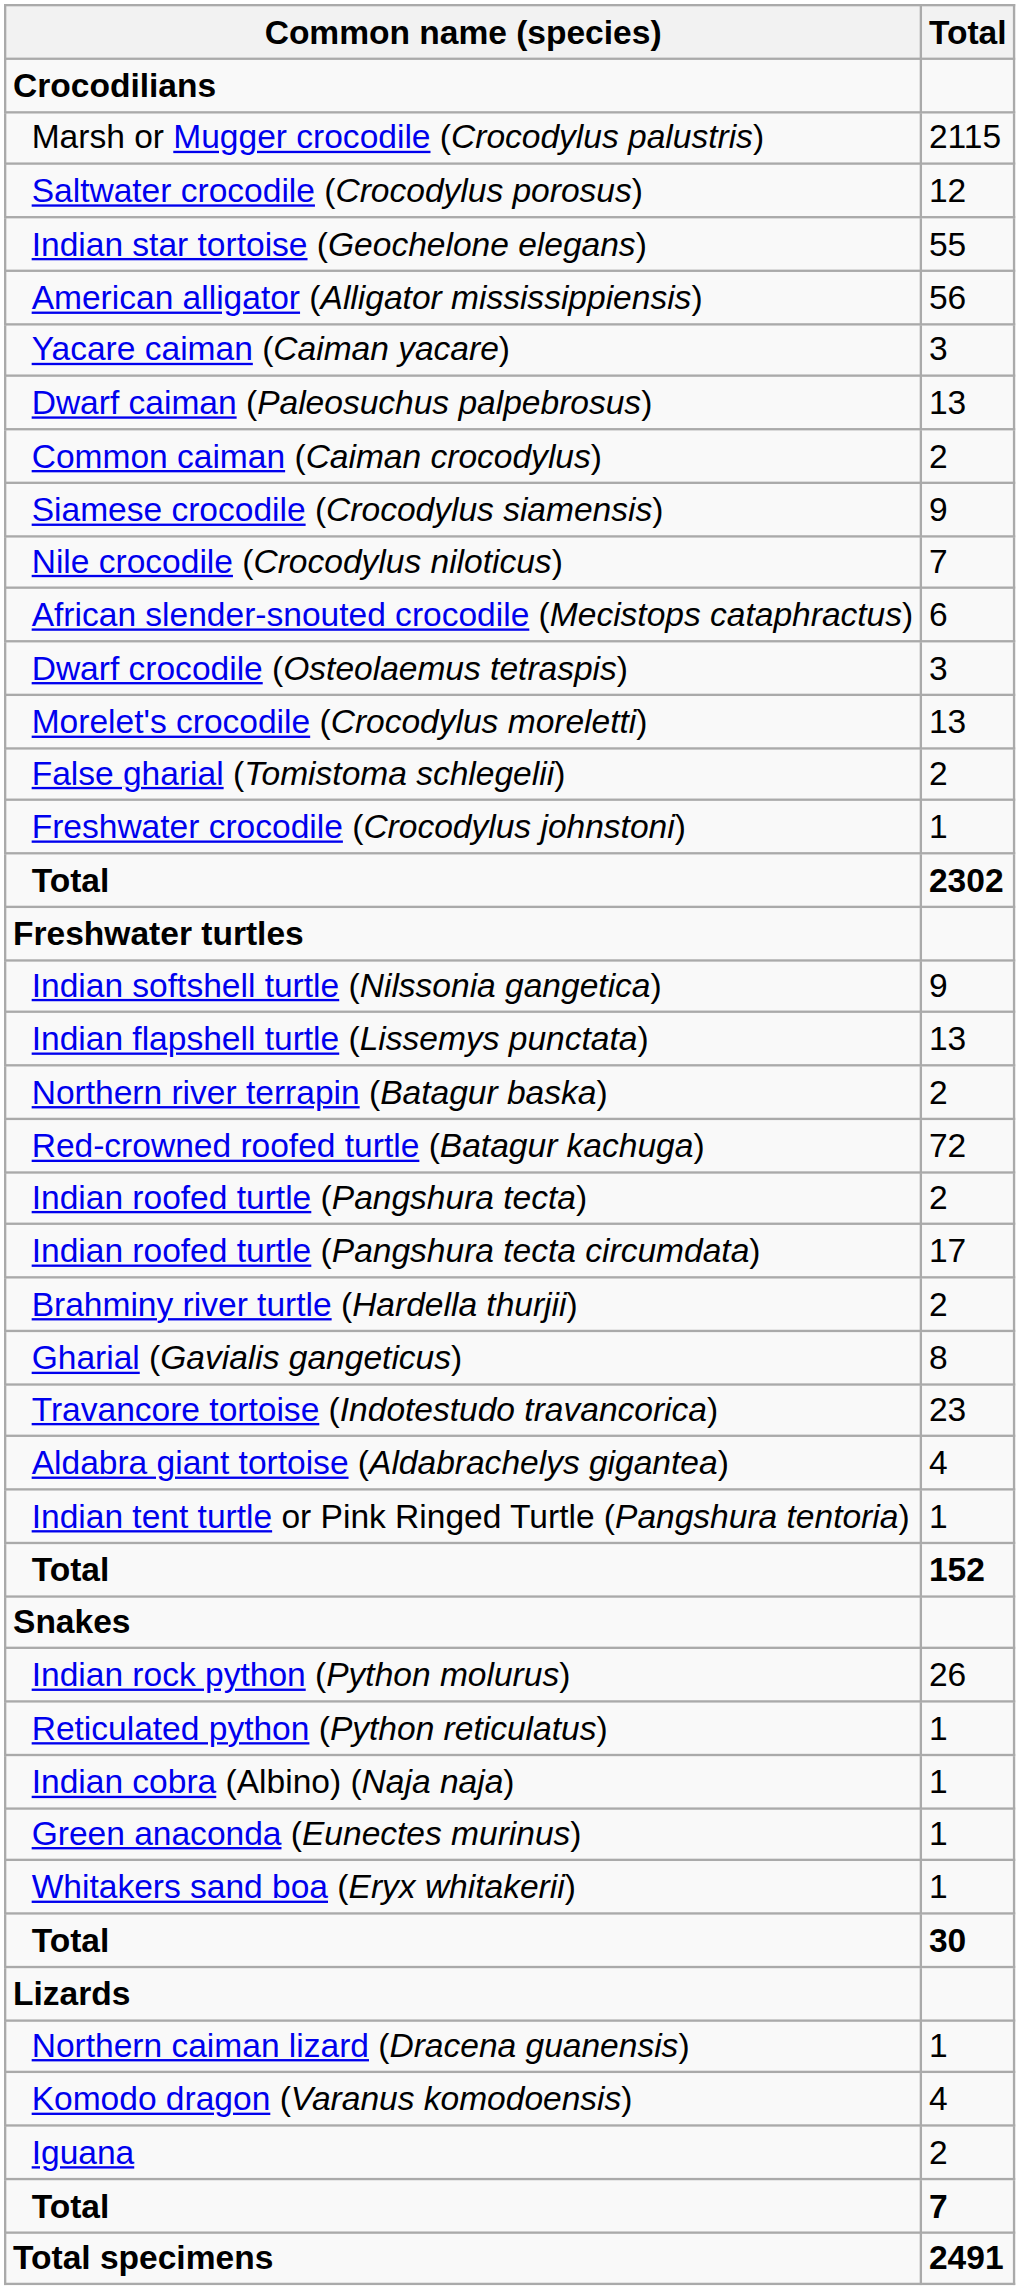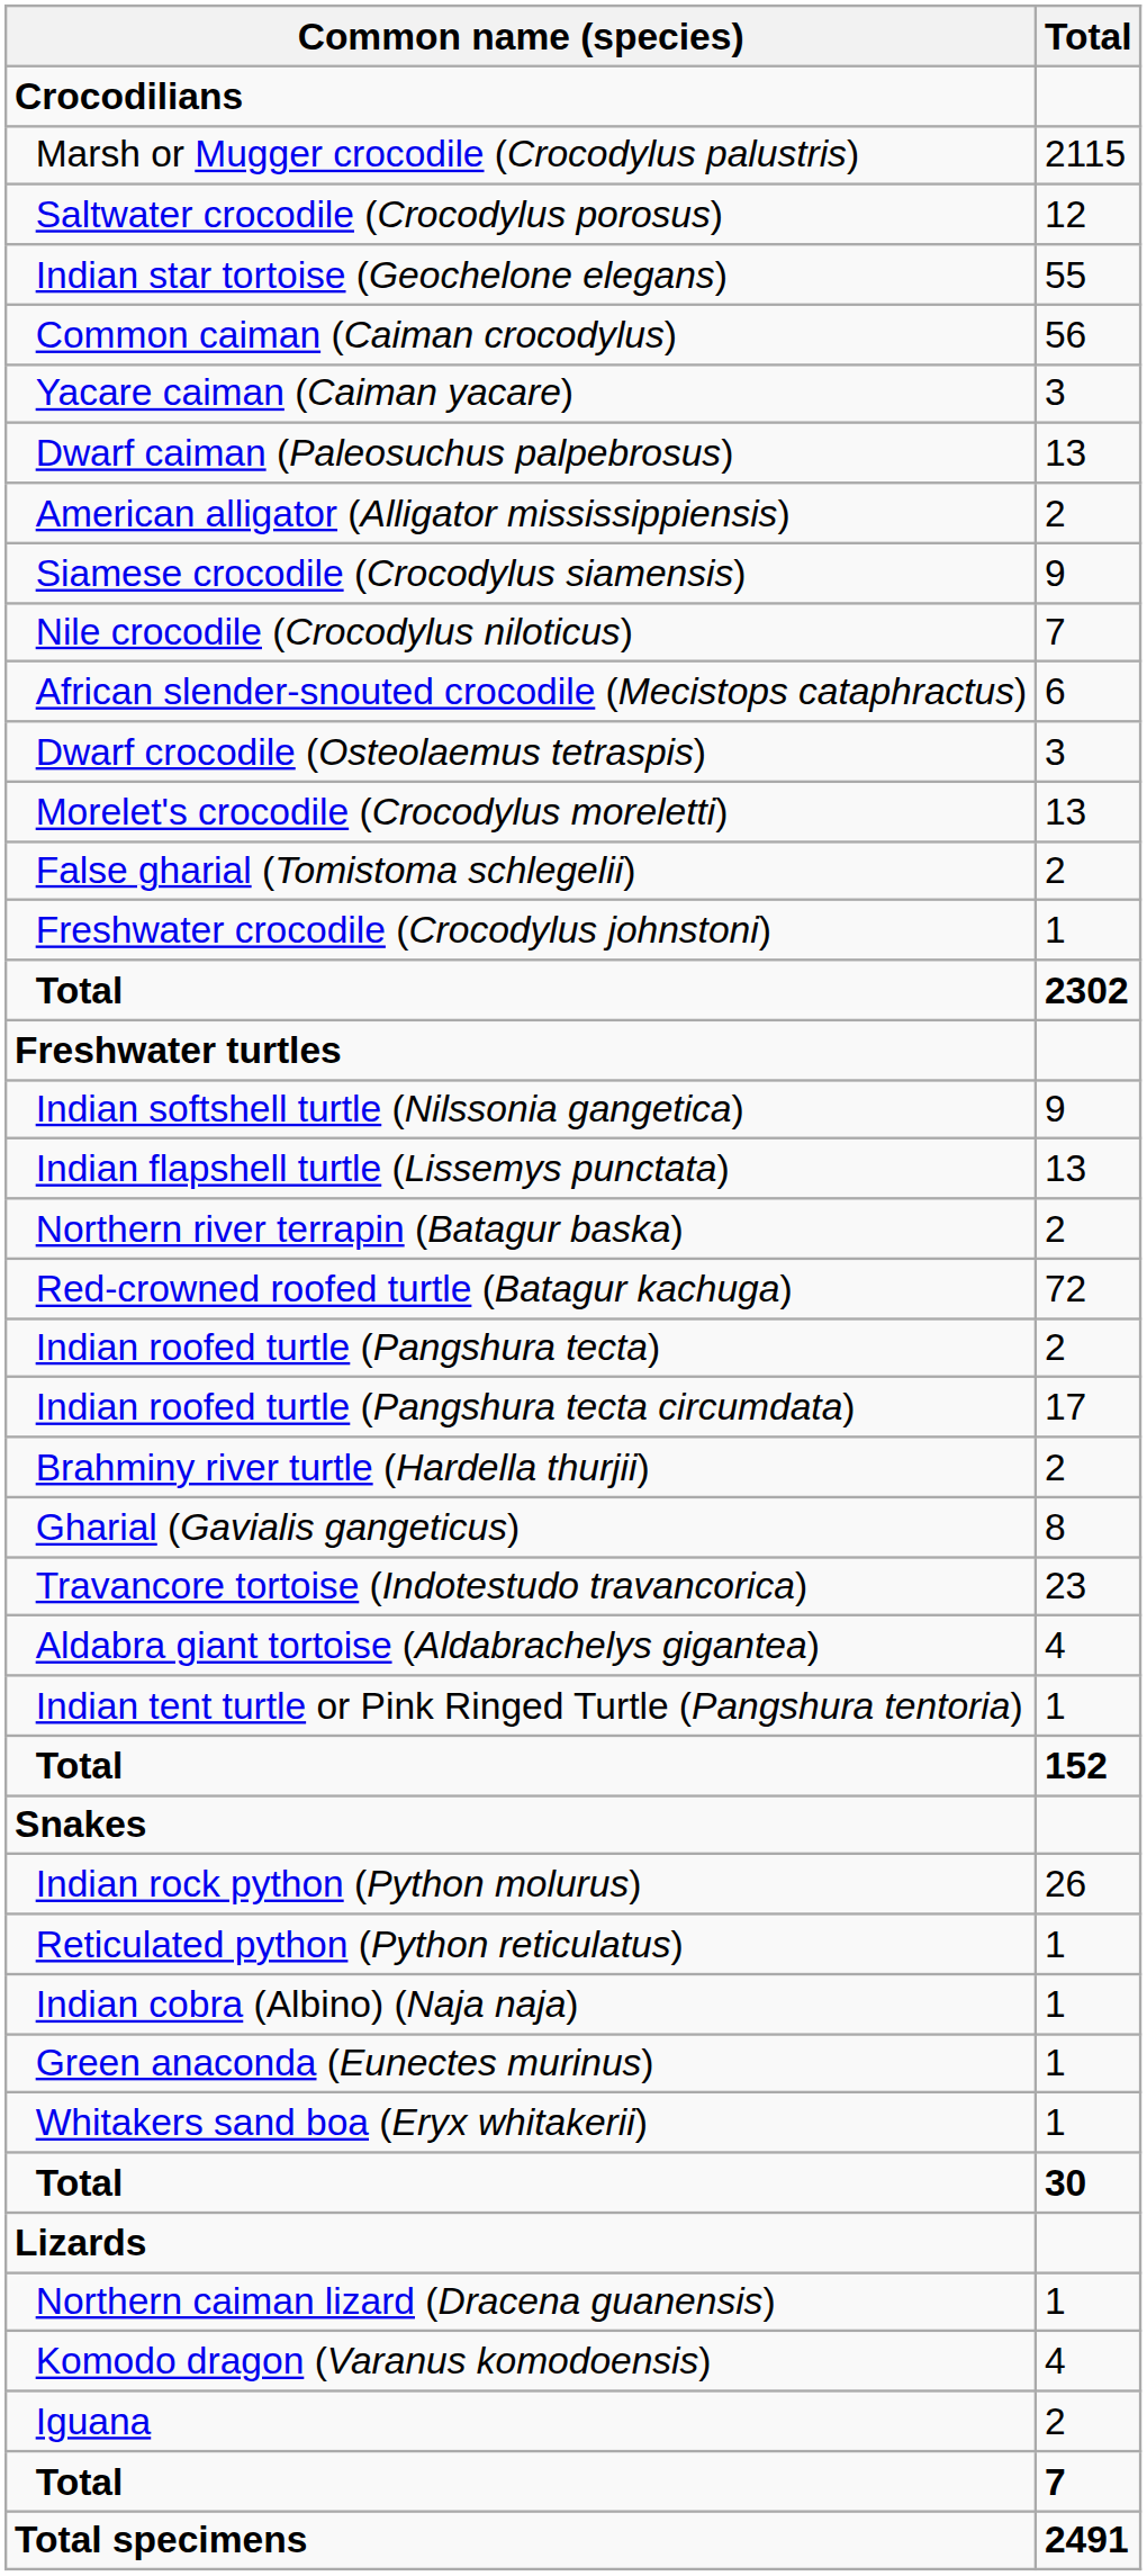 <table class="wikitable sortable" style="font-size: 90%">
 <tr>
 <th>Common name (species)</th>
 <th>Total</th>
 </tr>
 <tr>
 <td><strong>Crocodilians</strong></td>
 <td></td>
 </tr>
 <tr>
 <td>  Marsh or <a href='#'>Mugger crocodile</a> (<em>Crocodylus palustris</em>)</td>
 <td>2115</td>
 </tr>
 <tr>
 <td>  <a href='#'>Saltwater crocodile</a> (<em>Crocodylus porosus</em>)</td>
 <td>12</td>
 </tr>
 <tr>
 <td>  <a href='#'>Indian star tortoise</a> (<em>Geochelone elegans</em>)</td>
 <td>55</td>
 </tr>
 <tr>
-<td>  <a href='#'>American alligator</a> (<em>Alligator mississippiensis</em>)</td>
+<td>  <a href='#'>Common caiman</a> (<em>Caiman crocodylus</em>)</td>
 <td>56</td>
 </tr>
 <tr>
 <td>  <a href='#'>Yacare caiman</a> (<em>Caiman yacare</em>)</td>
 <td>3</td>
 </tr>
 <tr>
 <td>  <a href='#'>Dwarf caiman</a> (<em>Paleosuchus palpebrosus</em>)</td>
 <td>13</td>
 </tr>
 <tr>
-<td>  <a href='#'>Common caiman</a> (<em>Caiman crocodylus</em>)</td>
+<td>  <a href='#'>American alligator</a> (<em>Alligator mississippiensis</em>)</td>
 <td>2</td>
 </tr>
 <tr>
 <td>  <a href='#'>Siamese crocodile</a> (<em>Crocodylus siamensis</em>)</td>
 <td>9</td>
 </tr>
 <tr>
 <td>  <a href='#'>Nile crocodile</a> (<em>Crocodylus niloticus</em>)</td>
 <td>7</td>
 </tr>
 <tr>
 <td>  <a href='#'>African slender-snouted crocodile</a> (<em>Mecistops cataphractus</em>)</td>
 <td>6</td>
 </tr>
 <tr>
 <td>  <a href='#'>Dwarf crocodile</a> (<em>Osteolaemus tetraspis</em>)</td>
 <td>3</td>
 </tr>
 <tr>
 <td>  <a href='#'>Morelet's crocodile</a> (<em>Crocodylus moreletti</em>)</td>
 <td>13</td>
 </tr>
 <tr>
 <td>  <a href='#'>False gharial</a> (<em>Tomistoma schlegelii</em>)</td>
 <td>2</td>
 </tr>
 <tr>
 <td>  <a href='#'>Freshwater crocodile</a> (<em>Crocodylus johnstoni</em>)</td>
 <td>1</td>
 </tr>
 <tr>
 <td>  <strong>Total</strong></td>
 <td><strong>2302</strong></td>
 </tr>
 <tr>
 <td><strong>Freshwater turtles</strong></td>
 <td></td>
 </tr>
 <tr>
 <td>  <a href='#'>Indian softshell turtle</a> (<em>Nilssonia gangetica</em>)</td>
 <td>9</td>
 </tr>
 <tr>
 <td>  <a href='#'>Indian flapshell turtle</a> (<em>Lissemys punctata</em>)</td>
 <td>13</td>
 </tr>
 <tr>
 <td>  <a href='#'>Northern river terrapin</a> (<em>Batagur baska</em>)</td>
 <td>2</td>
 </tr>
 <tr>
 <td>  <a href='#'>Red-crowned roofed turtle</a> (<em>Batagur kachuga</em>)</td>
 <td>72</td>
 </tr>
 <tr>
 <td>  <a href='#'>Indian roofed turtle</a> (<em>Pangshura tecta</em>)</td>
 <td>2</td>
 </tr>
 <tr>
 <td>  <a href='#'>Indian roofed turtle</a> (<em>Pangshura tecta circumdata</em>)</td>
 <td>17</td>
 </tr>
 <tr>
 <td>  <a href='#'>Brahminy river turtle</a> (<em>Hardella thurjii</em>)</td>
 <td>2</td>
 </tr>
 <tr>
 <td>  <a href='#'>Gharial</a> (<em>Gavialis gangeticus</em>)</td>
 <td>8</td>
 </tr>
 <tr>
 <td>  <a href='#'>Travancore tortoise</a> (<em>Indotestudo travancorica</em>)</td>
 <td>23</td>
 </tr>
 <tr>
 <td>  <a href='#'>Aldabra giant tortoise</a> (<em>Aldabrachelys gigantea</em>)</td>
 <td>4</td>
 </tr>
 <tr>
 <td>  <a href='#'>Indian tent turtle</a> or Pink Ringed Turtle (<em>Pangshura tentoria</em>)</td>
 <td>1</td>
 </tr>
 <tr>
 <td>  <strong>Total</strong></td>
 <td><strong>152</strong></td>
 </tr>
 <tr>
 <td><strong>Snakes</strong></td>
 <td></td>
 </tr>
 <tr>
 <td>  <a href='#'>Indian rock python</a> (<em>Python molurus</em>)</td>
 <td>26</td>
 </tr>
 <tr>
 <td>  <a href='#'>Reticulated python</a> (<em>Python reticulatus</em>)</td>
 <td>1</td>
 </tr>
 <tr>
 <td>  <a href='#'>Indian cobra</a> (Albino) (<em>Naja naja</em>)</td>
 <td>1</td>
 </tr>
 <tr>
 <td>  <a href='#'>Green anaconda</a> (<em>Eunectes murinus</em>)</td>
 <td>1</td>
 </tr>
 <tr>
 <td>  <a href='#'>Whitakers sand boa</a> (<em>Eryx  whitakerii</em>)</td>
 <td>1</td>
 </tr>
 <tr>
 <td>  <strong>Total</strong></td>
 <td><strong>30</strong></td>
 </tr>
 <tr>
 <td><strong>Lizards</strong></td>
 <td></td>
 </tr>
 <tr>
 <td>  <a href='#'>Northern caiman lizard</a> (<em>Dracena guanensis</em>)</td>
 <td>1</td>
 </tr>
 <tr>
 <td>  <a href='#'>Komodo dragon</a> (<em>Varanus komodoensis</em>)</td>
 <td>4</td>
 </tr>
 <tr>
 <td>  <a href='#'>Iguana</a></td>
 <td>2</td>
 </tr>
 <tr>
 <td>  <strong>Total</strong></td>
 <td><strong>7</strong></td>
 </tr>
 <tr>
 <td><strong>Total specimens</strong></td>
 <td><strong>2491</strong></td>
 </tr>
 </table>
